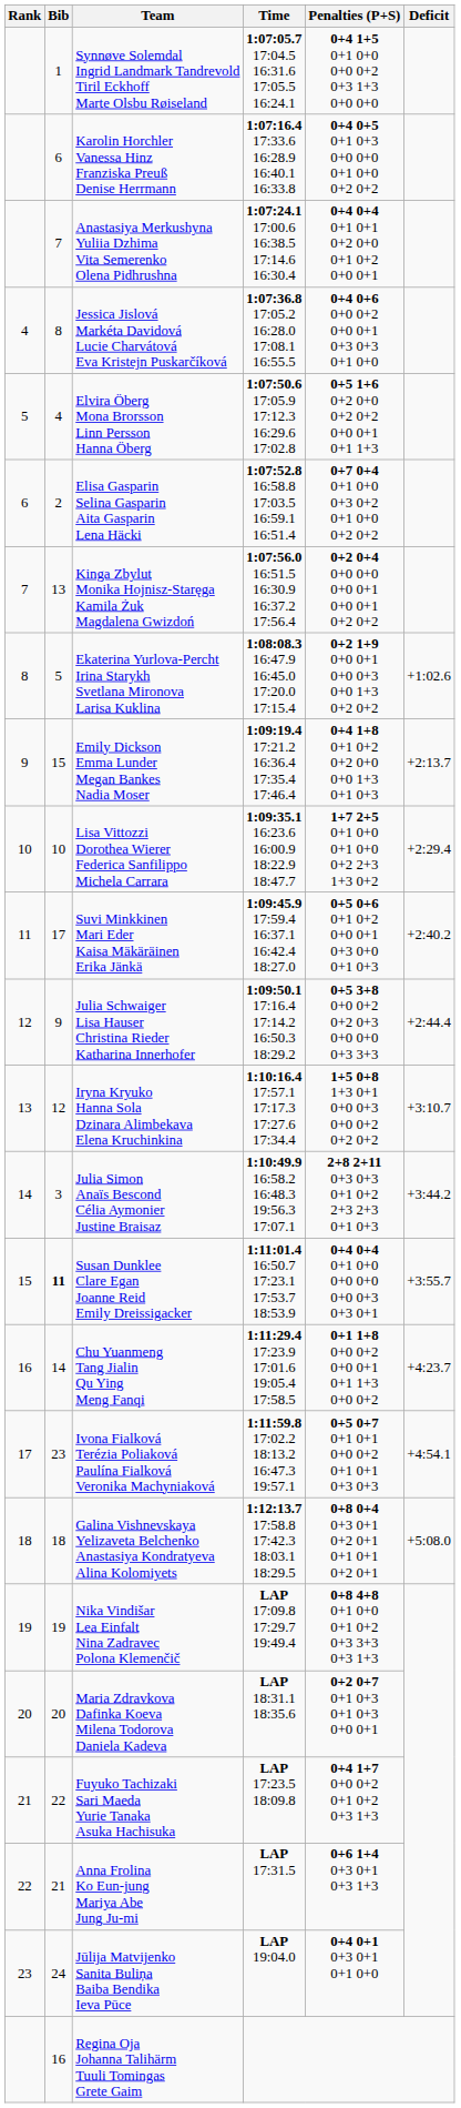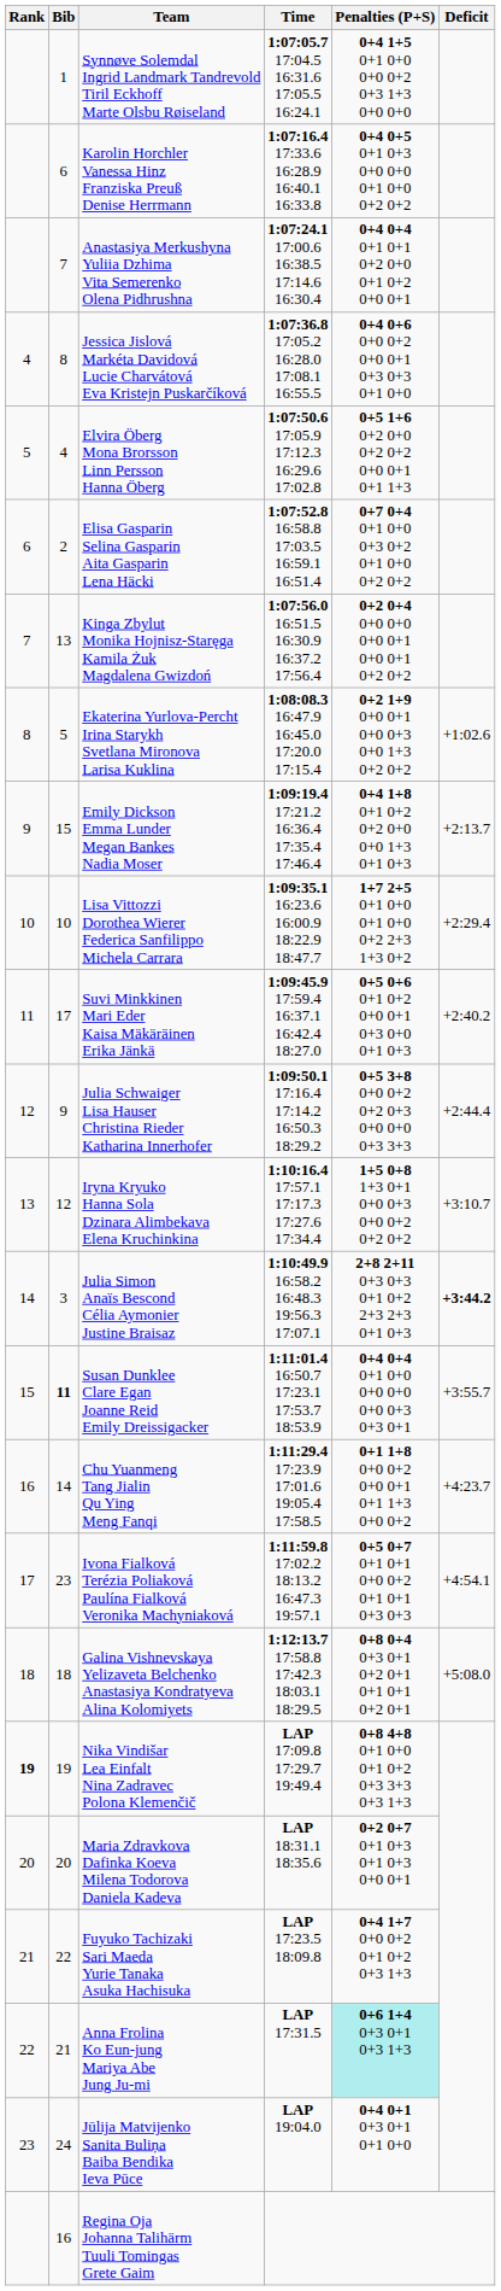 <table class="wikitable sortable" style="text-align:center">
 <tr>
 <th>Rank</th>
 <th>Bib</th>
 <th>Team</th>
 <th>Time</th>
 <th>Penalties (P+S)</th>
 <th>Deficit</th>
 </tr>
 <tr>
 <td></td>
 <td>1</td>
 <td align=left><br><a href='#'>Synnøve Solemdal</a><br><a href='#'>Ingrid Landmark Tandrevold</a><br><a href='#'>Tiril Eckhoff</a><br><a href='#'>Marte Olsbu Røiseland</a></td>
 <td><strong>1:07:05.7</strong><br>17:04.5<br>16:31.6<br>17:05.5<br>16:24.1</td>
 <td><strong>0+4 1+5</strong><br>0+1 0+0<br>0+0 0+2<br>0+3 1+3<br>0+0 0+0</td>
 <td></td>
 </tr>
 <tr>
 <td></td>
 <td>6</td>
 <td align=left><br><a href='#'>Karolin Horchler</a><br><a href='#'>Vanessa Hinz</a><br><a href='#'>Franziska Preuß</a><br><a href='#'>Denise Herrmann</a></td>
 <td><strong>1:07:16.4</strong><br>17:33.6<br>16:28.9<br>16:40.1<br>16:33.8</td>
 <td><strong>0+4 0+5</strong><br>0+1 0+3<br>0+0 0+0<br>0+1 0+0<br>0+2 0+2</td>
 <td></td>
 </tr>
 <tr>
 <td></td>
 <td>7</td>
 <td align=left><br><a href='#'>Anastasiya Merkushyna</a><br><a href='#'>Yuliia Dzhima</a><br><a href='#'>Vita Semerenko</a><br><a href='#'>Olena Pidhrushna</a></td>
 <td><strong>1:07:24.1</strong><br>17:00.6<br>16:38.5<br>17:14.6<br>16:30.4</td>
 <td><strong>0+4 0+4</strong><br>0+1 0+1<br>0+2 0+0<br>0+1 0+2<br>0+0 0+1</td>
 <td></td>
 </tr>
 <tr>
 <td>4</td>
 <td>8</td>
 <td align=left><br><a href='#'>Jessica Jislová</a><br><a href='#'>Markéta Davidová</a><br><a href='#'>Lucie Charvátová</a><br><a href='#'>Eva Kristejn Puskarčíková</a></td>
 <td><strong>1:07:36.8</strong><br>17:05.2<br>16:28.0<br>17:08.1<br>16:55.5</td>
 <td><strong>0+4 0+6</strong><br>0+0 0+2<br>0+0 0+1<br>0+3 0+3<br>0+1 0+0</td>
 <td></td>
 </tr>
 <tr>
 <td>5</td>
 <td>4</td>
 <td align=left><br><a href='#'>Elvira Öberg</a><br><a href='#'>Mona Brorsson</a><br><a href='#'>Linn Persson</a><br><a href='#'>Hanna Öberg</a></td>
 <td><strong>1:07:50.6</strong><br>17:05.9<br>17:12.3<br>16:29.6<br>17:02.8</td>
 <td><strong>0+5 1+6</strong><br>0+2 0+0<br>0+2 0+2<br>0+0 0+1<br>0+1 1+3</td>
 <td></td>
 </tr>
 <tr>
 <td>6</td>
 <td>2</td>
 <td align=left><br><a href='#'>Elisa Gasparin</a><br><a href='#'>Selina Gasparin</a><br><a href='#'>Aita Gasparin</a><br><a href='#'>Lena Häcki</a></td>
 <td><strong>1:07:52.8</strong><br>16:58.8<br>17:03.5<br>16:59.1<br>16:51.4</td>
 <td><strong>0+7 0+4</strong><br>0+1 0+0<br>0+3 0+2<br>0+1 0+0<br>0+2 0+2</td>
 <td></td>
 </tr>
 <tr>
 <td>7</td>
 <td>13</td>
 <td align=left><br><a href='#'>Kinga Zbylut</a><br><a href='#'>Monika Hojnisz-Staręga</a><br><a href='#'>Kamila Żuk</a><br><a href='#'>Magdalena Gwizdoń</a></td>
 <td><strong>1:07:56.0</strong><br>16:51.5<br>16:30.9<br>16:37.2<br>17:56.4</td>
 <td><strong>0+2 0+4</strong><br>0+0 0+0<br>0+0 0+1<br>0+0 0+1<br>0+2 0+2</td>
 <td></td>
 </tr>
 <tr>
 <td>8</td>
 <td>5</td>
 <td align=left><br><a href='#'>Ekaterina Yurlova-Percht</a><br><a href='#'>Irina Starykh</a><br><a href='#'>Svetlana Mironova</a><br><a href='#'>Larisa Kuklina</a></td>
 <td><strong>1:08:08.3</strong><br>16:47.9<br>16:45.0<br>17:20.0<br>17:15.4</td>
 <td><strong>0+2 1+9</strong><br>0+0 0+1<br>0+0 0+3<br>0+0 1+3<br>0+2 0+2</td>
 <td>+1:02.6</td>
 </tr>
 <tr>
 <td>9</td>
 <td>15</td>
 <td align=left><br><a href='#'>Emily Dickson</a><br><a href='#'>Emma Lunder</a><br><a href='#'>Megan Bankes</a><br><a href='#'>Nadia Moser</a></td>
 <td><strong>1:09:19.4</strong><br>17:21.2<br>16:36.4<br>17:35.4<br>17:46.4</td>
 <td><strong>0+4 1+8</strong><br>0+1 0+2<br>0+2 0+0<br>0+0 1+3<br>0+1 0+3</td>
 <td>+2:13.7</td>
 </tr>
 <tr>
 <td>10</td>
 <td>10</td>
 <td align=left><br><a href='#'>Lisa Vittozzi</a><br><a href='#'>Dorothea Wierer</a><br><a href='#'>Federica Sanfilippo</a><br><a href='#'>Michela Carrara</a></td>
 <td><strong>1:09:35.1</strong><br>16:23.6<br>16:00.9<br>18:22.9<br>18:47.7</td>
 <td><strong>1+7 2+5</strong><br>0+1 0+0<br>0+1 0+0<br>0+2 2+3<br>1+3 0+2</td>
 <td>+2:29.4</td>
 </tr>
 <tr>
 <td>11</td>
 <td>17</td>
 <td align=left><br><a href='#'>Suvi Minkkinen</a><br><a href='#'>Mari Eder</a><br><a href='#'>Kaisa Mäkäräinen</a><br><a href='#'>Erika Jänkä</a></td>
 <td><strong>1:09:45.9</strong><br>17:59.4<br>16:37.1<br>16:42.4<br>18:27.0</td>
 <td><strong>0+5 0+6</strong><br>0+1 0+2<br>0+0 0+1<br>0+3 0+0<br>0+1 0+3</td>
 <td>+2:40.2</td>
 </tr>
 <tr>
 <td>12</td>
 <td>9</td>
 <td align=left><br><a href='#'>Julia Schwaiger</a><br><a href='#'>Lisa Hauser</a><br><a href='#'>Christina Rieder</a><br><a href='#'>Katharina Innerhofer</a></td>
 <td><strong>1:09:50.1</strong><br>17:16.4<br>17:14.2<br>16:50.3<br>18:29.2</td>
 <td><strong>0+5 3+8</strong><br>0+0 0+2<br>0+2 0+3<br>0+0 0+0<br>0+3 3+3</td>
 <td>+2:44.4</td>
 </tr>
 <tr>
 <td>13</td>
 <td>12</td>
 <td align=left><br><a href='#'>Iryna Kryuko</a><br><a href='#'>Hanna Sola</a><br><a href='#'>Dzinara Alimbekava</a><br><a href='#'>Elena Kruchinkina</a></td>
 <td><strong>1:10:16.4</strong><br>17:57.1<br>17:17.3<br>17:27.6<br>17:34.4</td>
 <td><strong>1+5 0+8</strong><br>1+3 0+1<br>0+0 0+3<br>0+0 0+2<br>0+2 0+2</td>
 <td>+3:10.7</td>
 </tr>
 <tr>
 <td>14</td>
 <td>3</td>
 <td align=left><br><a href='#'>Julia Simon</a><br><a href='#'>Anaïs Bescond</a><br><a href='#'>Célia Aymonier</a><br><a href='#'>Justine Braisaz</a></td>
 <td><strong>1:10:49.9</strong><br>16:58.2<br>16:48.3<br>19:56.3<br>17:07.1</td>
 <td><strong>2+8 2+11</strong><br>0+3 0+3<br>0+1 0+2<br>2+3 2+3<br>0+1 0+3</td>
-<td>+3:44.2</td>
+<td><strong>+3:44.2</strong></td>
 </tr>
 <tr>
 <td>15</td>
 <td><strong>11</strong></td>
 <td align=left><br><a href='#'>Susan Dunklee</a><br><a href='#'>Clare Egan</a><br><a href='#'>Joanne Reid</a><br><a href='#'>Emily Dreissigacker</a></td>
 <td><strong>1:11:01.4</strong><br>16:50.7<br>17:23.1<br>17:53.7<br>18:53.9</td>
 <td><strong>0+4 0+4</strong><br>0+1 0+0<br>0+0 0+0<br>0+0 0+3<br>0+3 0+1</td>
 <td>+3:55.7</td>
 </tr>
 <tr>
 <td>16</td>
 <td>14</td>
 <td align=left><br><a href='#'>Chu Yuanmeng</a><br><a href='#'>Tang Jialin</a><br><a href='#'>Qu Ying</a><br><a href='#'>Meng Fanqi</a></td>
 <td><strong>1:11:29.4</strong><br>17:23.9<br>17:01.6<br>19:05.4<br>17:58.5</td>
 <td><strong>0+1 1+8</strong><br>0+0 0+2<br>0+0 0+1<br>0+1 1+3<br>0+0 0+2</td>
 <td>+4:23.7</td>
 </tr>
 <tr>
 <td>17</td>
 <td>23</td>
 <td align=left><br><a href='#'>Ivona Fialková</a><br><a href='#'>Terézia Poliaková</a><br><a href='#'>Paulína Fialková</a><br><a href='#'>Veronika Machyniaková</a></td>
 <td><strong>1:11:59.8</strong><br>17:02.2<br>18:13.2<br>16:47.3<br>19:57.1</td>
 <td><strong>0+5 0+7</strong><br>0+1 0+1<br>0+0 0+2<br>0+1 0+1<br>0+3 0+3</td>
 <td>+4:54.1</td>
 </tr>
 <tr>
 <td>18</td>
 <td>18</td>
 <td align=left><br><a href='#'>Galina Vishnevskaya</a><br><a href='#'>Yelizaveta Belchenko</a><br><a href='#'>Anastasiya Kondratyeva</a><br><a href='#'>Alina Kolomiyets</a></td>
 <td><strong>1:12:13.7</strong><br>17:58.8<br>17:42.3<br>18:03.1<br>18:29.5</td>
 <td><strong>0+8 0+4</strong><br>0+3 0+1<br>0+2 0+1<br>0+1 0+1<br>0+2 0+1</td>
 <td>+5:08.0</td>
 </tr>
 <tr>
-<td>19</td>
+<td><strong>19</strong></td>
 <td>19</td>
 <td align=left><br><a href='#'>Nika Vindišar</a><br><a href='#'>Lea Einfalt</a><br><a href='#'>Nina Zadravec</a><br><a href='#'>Polona Klemenčič</a></td>
 <td valign=top><strong>LAP</strong><br>17:09.8<br>17:29.7<br>19:49.4</td>
 <td><strong>0+8 4+8</strong><br>0+1 0+0<br>0+1 0+2<br>0+3 3+3<br>0+3 1+3</td>
 <td rowspan=5></td>
 </tr>
 <tr>
 <td>20</td>
 <td>20</td>
 <td align=left><br><a href='#'>Maria Zdravkova</a><br><a href='#'>Dafinka Koeva</a><br><a href='#'>Milena Todorova</a><br><a href='#'>Daniela Kadeva</a></td>
 <td valign=top><strong>LAP</strong><br>18:31.1<br>18:35.6</td>
 <td valign=top><strong>0+2 0+7</strong><br>0+1 0+3<br>0+1 0+3<br>0+0 0+1</td>
 </tr>
 <tr>
 <td>21</td>
 <td>22</td>
 <td align=left><br><a href='#'>Fuyuko Tachizaki</a><br><a href='#'>Sari Maeda</a><br><a href='#'>Yurie Tanaka</a><br><a href='#'>Asuka Hachisuka</a></td>
 <td valign=top><strong>LAP</strong><br>17:23.5<br>18:09.8</td>
 <td valign=top><strong>0+4 1+7</strong><br>0+0 0+2<br>0+1 0+2<br>0+3 1+3</td>
 </tr>
 <tr>
 <td>22</td>
 <td>21</td>
 <td align=left><br><a href='#'>Anna Frolina</a><br><a href='#'>Ko Eun-jung</a><br><a href='#'>Mariya Abe</a><br><a href='#'>Jung Ju-mi</a></td>
 <td valign=top><strong>LAP</strong><br>17:31.5</td>
-<td valign=top><strong>0+6 1+4</strong><br>0+3 0+1<br>0+3 1+3</td>
+<td valign=top style="background: paleturquoise;"><strong>0+6 1+4</strong><br>0+3 0+1<br>0+3 1+3</td>
 </tr>
 <tr>
 <td>23</td>
 <td>24</td>
 <td align=left><br><a href='#'>Jūlija Matvijenko</a><br><a href='#'>Sanita Buliņa</a><br><a href='#'>Baiba Bendika</a><br><a href='#'>Ieva Pūce</a></td>
 <td valign=top><strong>LAP</strong><br>19:04.0</td>
 <td valign=top><strong>0+4 0+1</strong><br>0+3 0+1<br>0+1 0+0</td>
 </tr>
 <tr>
 <td></td>
 <td>16</td>
 <td align=left><br><a href='#'>Regina Oja</a><br><a href='#'>Johanna Talihärm</a><br><a href='#'>Tuuli Tomingas</a><br><a href='#'>Grete Gaim</a></td>
 <td colspan=3></td>
 </tr>
 </table>
